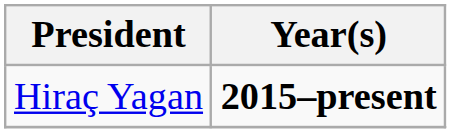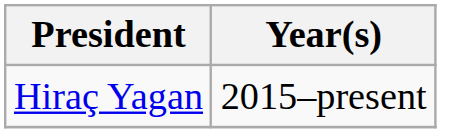 <table class="sortable wikitable">
 <tr>
 <th>President</th>
 <th>Year(s)</th>
 </tr>
 <tr>
 <td style="text-align: left;"> <a href='#'>Hiraç Yagan</a></td>
-<td><strong>2015–present</strong></td>
+<td>2015–present</td>
 </tr>
 <tr>
 </tr>
 </table>
